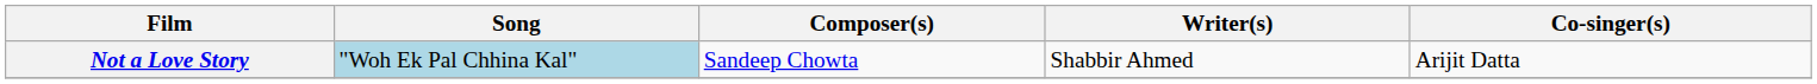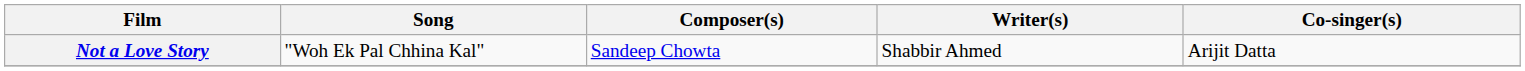 <table class="wikitable plainrowheaders" width="100%">
 <tr>
 <th width=18%>Film</th>
 <th width=20%>Song</th>
 <th width=19%>Composer(s)</th>
 <th width=20%>Writer(s)</th>
 <th width=22%>Co-singer(s)</th>
 </tr>
 <tr>
 <th scope=row><em><a href='#'>Not a Love Story</a></em></th>
-<td style="background: lightblue;">"Woh Ek Pal Chhina Kal"</td>
+<td>"Woh Ek Pal Chhina Kal"</td>
 <td><a href='#'>Sandeep Chowta</a></td>
 <td>Shabbir Ahmed</td>
 <td>Arijit Datta</td>
 </tr>
 <tr>
 </tr>
 </table>
